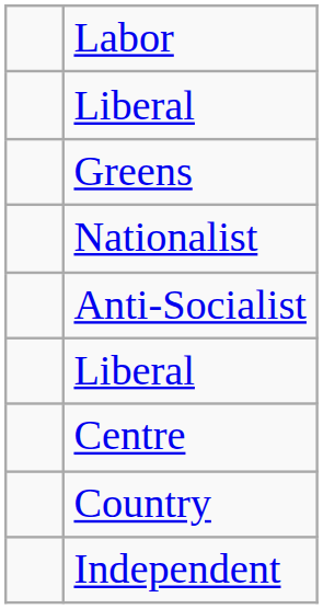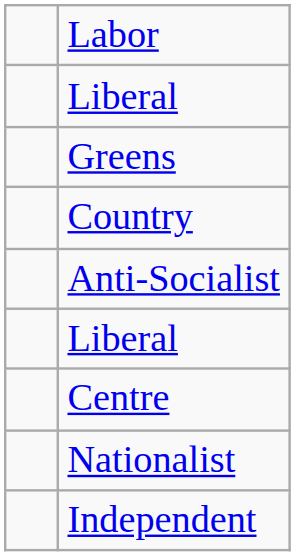 <table class="wikitable">
 <tr>
 <td width=15 > </td>
 <td><a href='#'>Labor</a></td>
 </tr>
 <tr>
 <td width=15 > </td>
 <td><a href='#'>Liberal</a></td>
 </tr>
 <tr>
 <td width=15 > </td>
 <td><a href='#'>Greens</a></td>
 </tr>
 <tr>
 <td width=15 > </td>
-<td><a href='#'>Nationalist</a></td>
+<td><a href='#'>Country</a></td>
 </tr>
 <tr>
 <td width=15 > </td>
 <td><a href='#'>Anti-Socialist</a></td>
 </tr>
 <tr>
 <td width=15 > </td>
 <td><a href='#'>Liberal</a></td>
 </tr>
 <tr>
 <td width=15 > </td>
 <td><a href='#'>Centre</a></td>
 </tr>
 <tr>
 <td width=15 > </td>
-<td><a href='#'>Country</a></td>
+<td><a href='#'>Nationalist</a></td>
 </tr>
 <tr>
 <td width=15 > </td>
 <td><a href='#'>Independent</a></td>
 </tr>
 </table>
